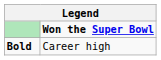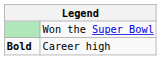 <table class="wikitable mw-collapsible mw-collapsed">
 <tr>
 <th colspan="2">Legend</th>
 </tr>
 <tr>
 <td style="background:#afe6ba; width:3em;"></td>
-<td><strong>Won the <a href='#'>Super Bowl</a></strong></td>
+<td>Won the <a href='#'>Super Bowl</a></td>
 </tr>
 <tr>
 <td><strong>Bold</strong></td>
 <td>Career high</td>
 </tr>
 </table>
